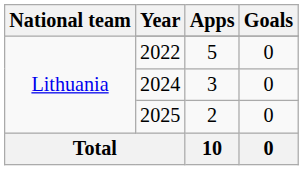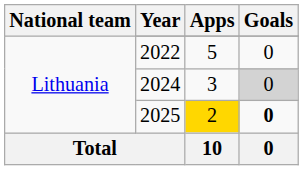 <table class="wikitable" style="text-align:center">
 <tr>
 <th>National team</th>
 <th>Year</th>
 <th>Apps</th>
 <th>Goals</th>
 </tr>
 <tr>
 <td rowspan=4><a href='#'>Lithuania</a></td>
 </tr>
 <tr>
 <td>2022</td>
 <td>5</td>
 <td>0</td>
 </tr>
 <tr>
 <td>2024</td>
 <td>3</td>
-<td>0</td>
+<td style="background: lightgrey;">0</td>
 </tr>
 <tr>
 <td>2025</td>
-<td>2</td>
-<td>0</td>
+<td style="background: gold;">2</td>
+<td><strong>0</strong></td>
 </tr>
 <tr>
 <th colspan="2">Total</th>
 <th>10</th>
 <th>0</th>
 </tr>
 </table>
